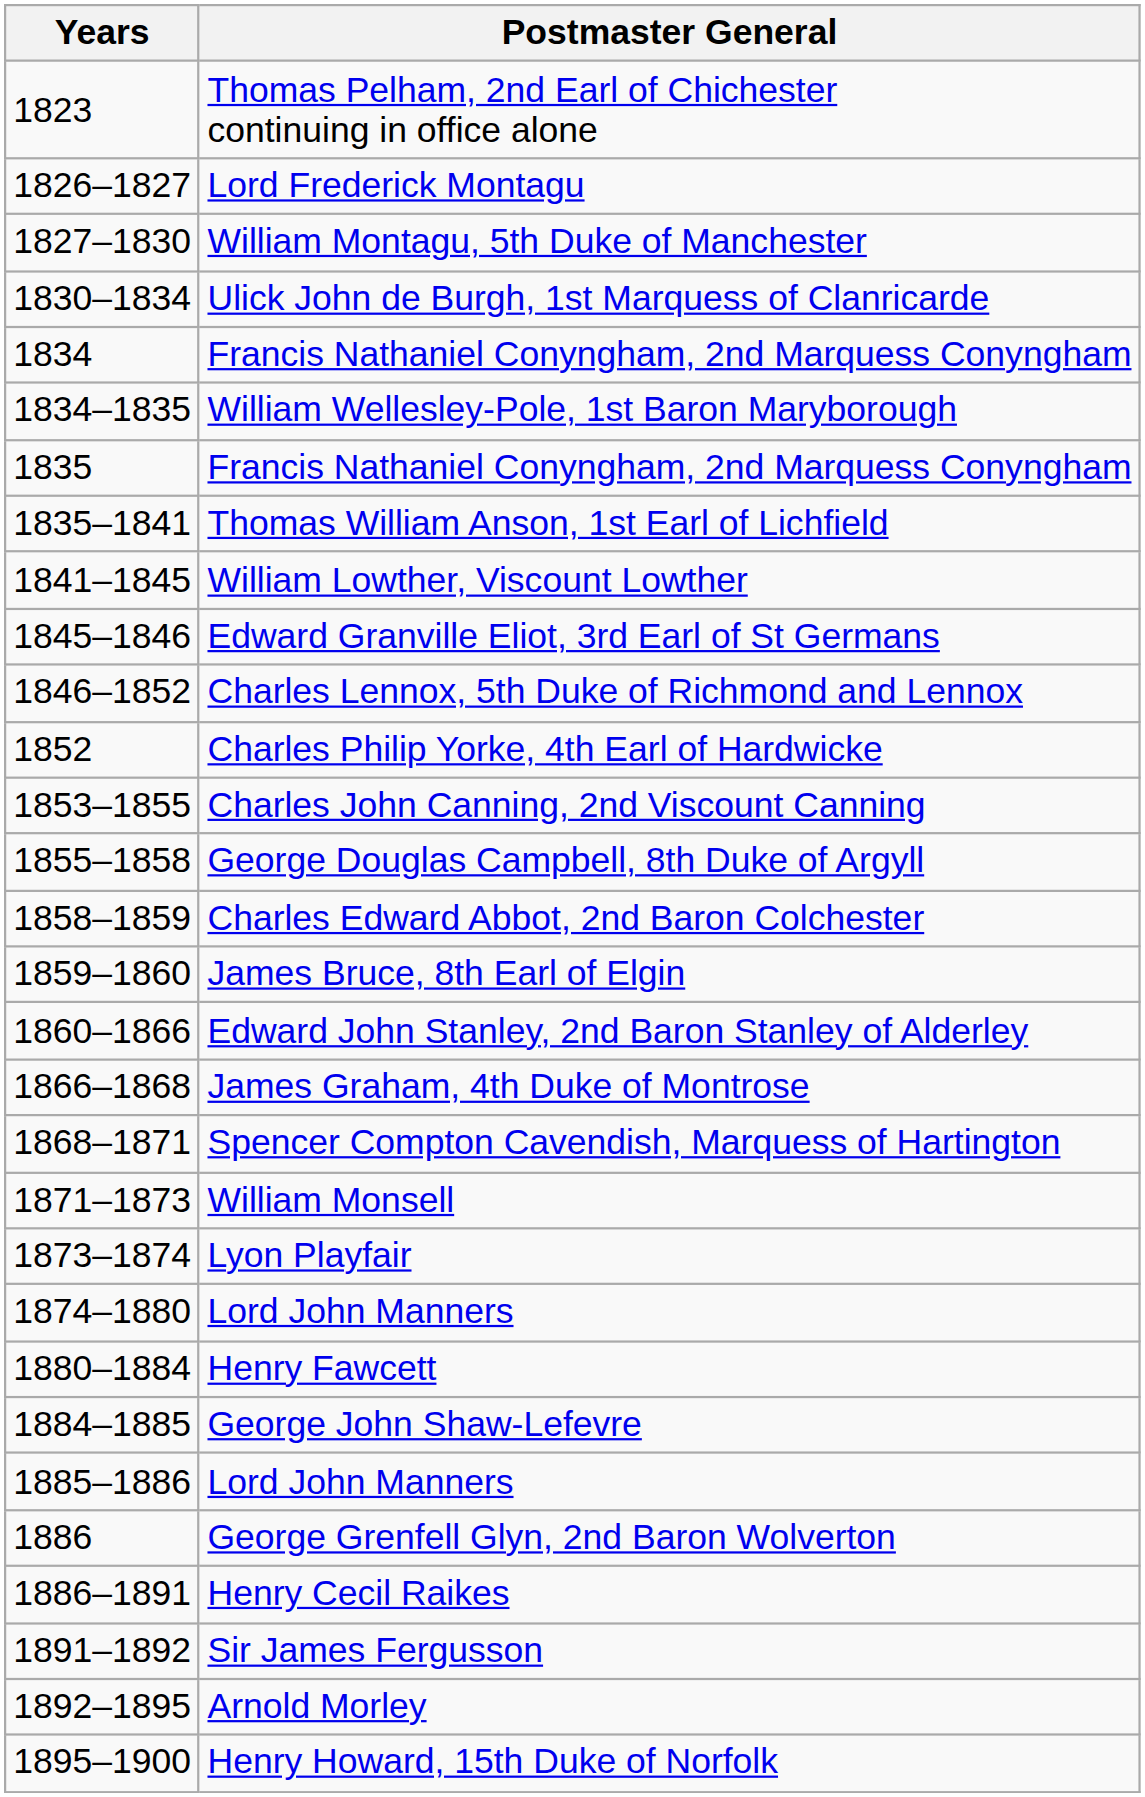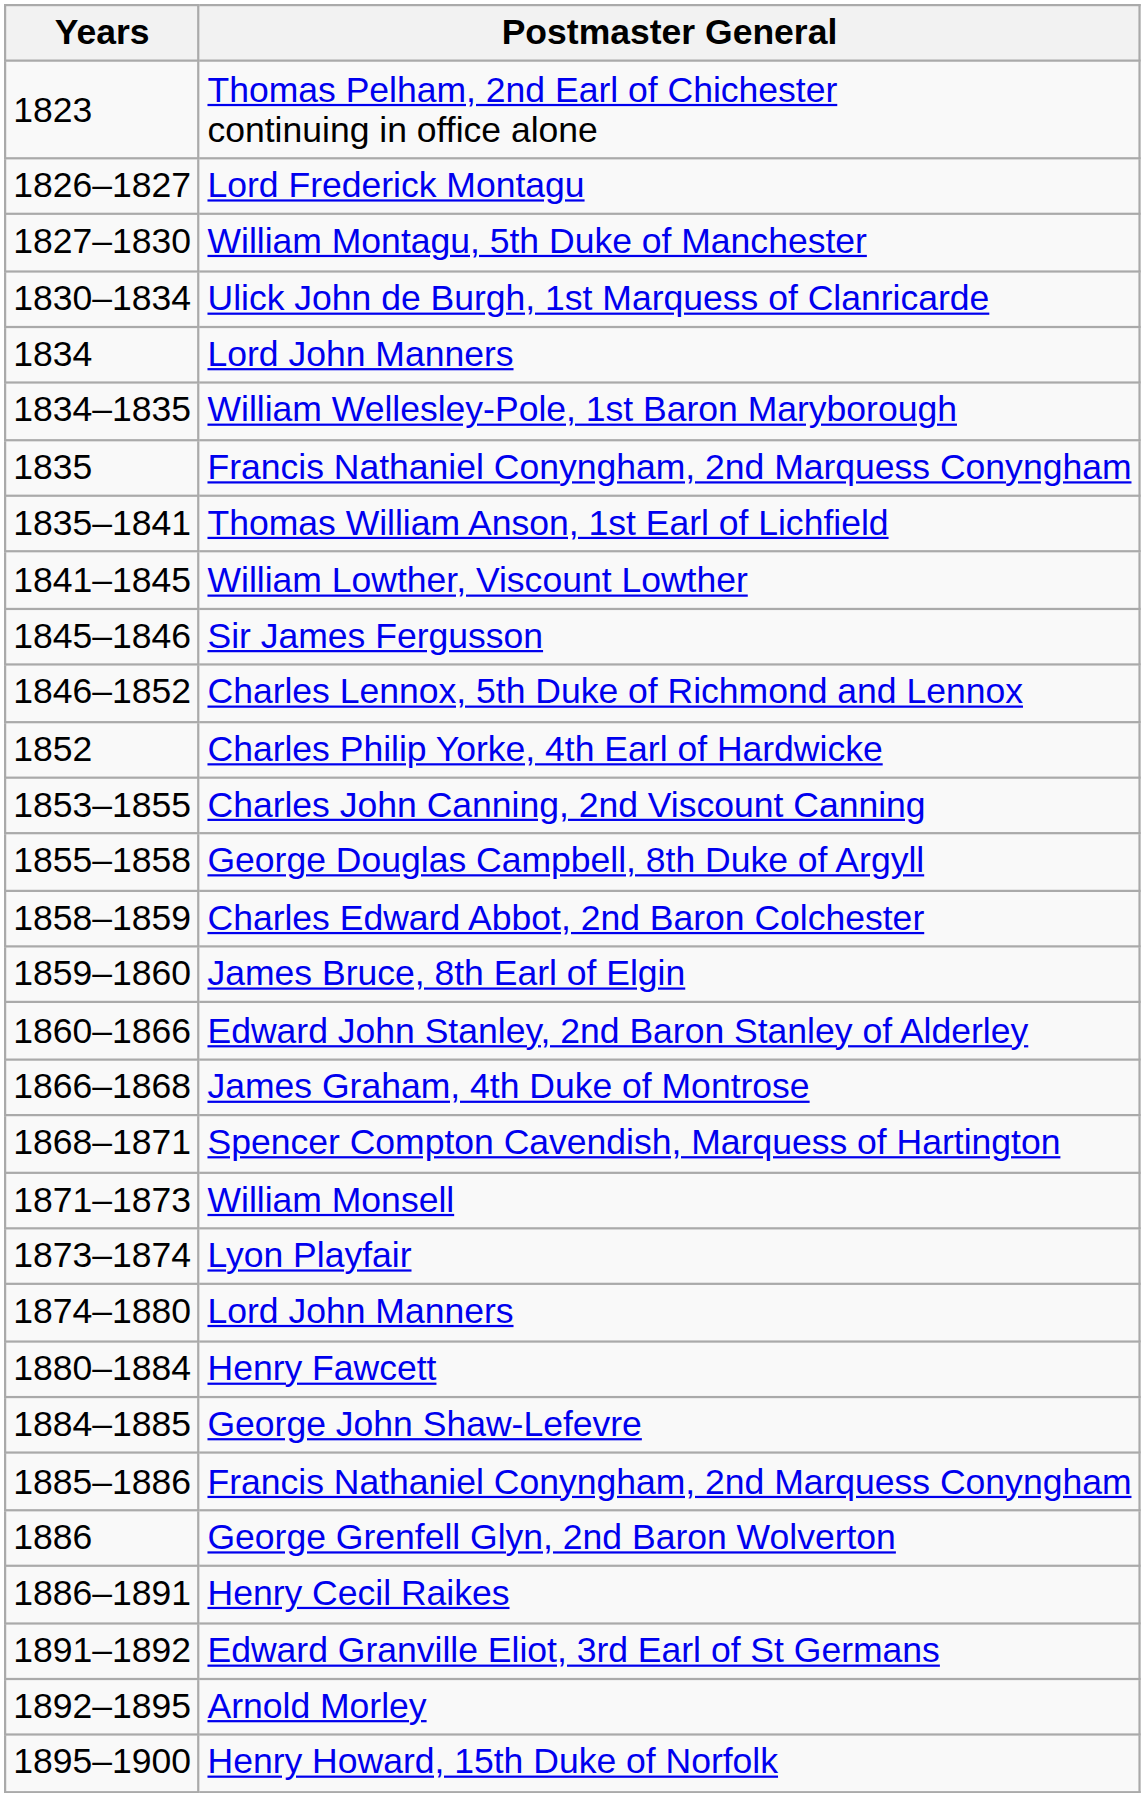 <table class="wikitable">
 <tr>
 <th>Years</th>
 <th>Postmaster General</th>
 </tr>
 <tr>
 <td>1823</td>
 <td><a href='#'>Thomas Pelham, 2nd Earl of Chichester</a> <br> continuing in office alone</td>
 </tr>
 <tr>
 <td>1826–1827</td>
 <td><a href='#'>Lord Frederick Montagu</a></td>
 </tr>
 <tr>
 <td>1827–1830</td>
 <td><a href='#'>William Montagu, 5th Duke of Manchester</a></td>
 </tr>
 <tr>
 <td>1830–1834</td>
 <td><a href='#'>Ulick John de Burgh, 1st Marquess of Clanricarde</a></td>
 </tr>
 <tr>
 <td>1834</td>
-<td><a href='#'>Francis Nathaniel Conyngham, 2nd Marquess Conyngham</a></td>
+<td><a href='#'>Lord John Manners</a></td>
 </tr>
 <tr>
 <td>1834–1835</td>
 <td><a href='#'>William Wellesley-Pole, 1st Baron Maryborough</a></td>
 </tr>
 <tr>
 <td>1835</td>
 <td><a href='#'>Francis Nathaniel Conyngham, 2nd Marquess Conyngham</a></td>
 </tr>
 <tr>
 <td>1835–1841</td>
 <td><a href='#'>Thomas William Anson, 1st Earl of Lichfield</a></td>
 </tr>
 <tr>
 <td>1841–1845</td>
 <td><a href='#'>William Lowther, Viscount Lowther</a></td>
 </tr>
 <tr>
 <td>1845–1846</td>
-<td><a href='#'>Edward Granville Eliot, 3rd Earl of St Germans</a></td>
+<td><a href='#'>Sir James Fergusson</a></td>
 </tr>
 <tr>
 <td>1846–1852</td>
 <td><a href='#'>Charles Lennox, 5th Duke of Richmond and Lennox</a></td>
 </tr>
 <tr>
 <td>1852</td>
 <td><a href='#'>Charles Philip Yorke, 4th Earl of Hardwicke</a></td>
 </tr>
 <tr>
 <td>1853–1855</td>
 <td><a href='#'>Charles John Canning, 2nd Viscount Canning</a></td>
 </tr>
 <tr>
 <td>1855–1858</td>
 <td><a href='#'>George Douglas Campbell, 8th Duke of Argyll</a></td>
 </tr>
 <tr>
 <td>1858–1859</td>
 <td><a href='#'>Charles Edward Abbot, 2nd Baron Colchester</a></td>
 </tr>
 <tr>
 <td>1859–1860</td>
 <td><a href='#'>James Bruce, 8th Earl of Elgin</a></td>
 </tr>
 <tr>
 <td>1860–1866</td>
 <td><a href='#'>Edward John Stanley, 2nd Baron Stanley of Alderley</a></td>
 </tr>
 <tr>
 <td>1866–1868</td>
 <td><a href='#'>James Graham, 4th Duke of Montrose</a></td>
 </tr>
 <tr>
 <td>1868–1871</td>
 <td><a href='#'>Spencer Compton Cavendish, Marquess of Hartington</a></td>
 </tr>
 <tr>
 <td>1871–1873</td>
 <td><a href='#'>William Monsell</a></td>
 </tr>
 <tr>
 <td>1873–1874</td>
 <td><a href='#'>Lyon Playfair</a></td>
 </tr>
 <tr>
 <td>1874–1880</td>
 <td><a href='#'>Lord John Manners</a></td>
 </tr>
 <tr>
 <td>1880–1884</td>
 <td><a href='#'>Henry Fawcett</a></td>
 </tr>
 <tr>
 <td>1884–1885</td>
 <td><a href='#'>George John Shaw-Lefevre</a></td>
 </tr>
 <tr>
 <td>1885–1886</td>
-<td><a href='#'>Lord John Manners</a></td>
+<td><a href='#'>Francis Nathaniel Conyngham, 2nd Marquess Conyngham</a></td>
 </tr>
 <tr>
 <td>1886</td>
 <td><a href='#'>George Grenfell Glyn, 2nd Baron Wolverton</a></td>
 </tr>
 <tr>
 <td>1886–1891</td>
 <td><a href='#'>Henry Cecil Raikes</a></td>
 </tr>
 <tr>
 <td>1891–1892</td>
-<td><a href='#'>Sir James Fergusson</a></td>
+<td><a href='#'>Edward Granville Eliot, 3rd Earl of St Germans</a></td>
 </tr>
 <tr>
 <td>1892–1895</td>
 <td><a href='#'>Arnold Morley</a></td>
 </tr>
 <tr>
 <td>1895–1900</td>
 <td><a href='#'>Henry Howard, 15th Duke of Norfolk</a></td>
 </tr>
 </table>
